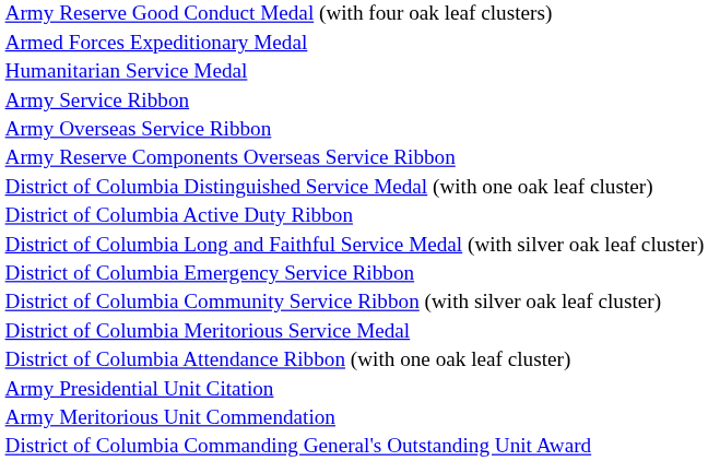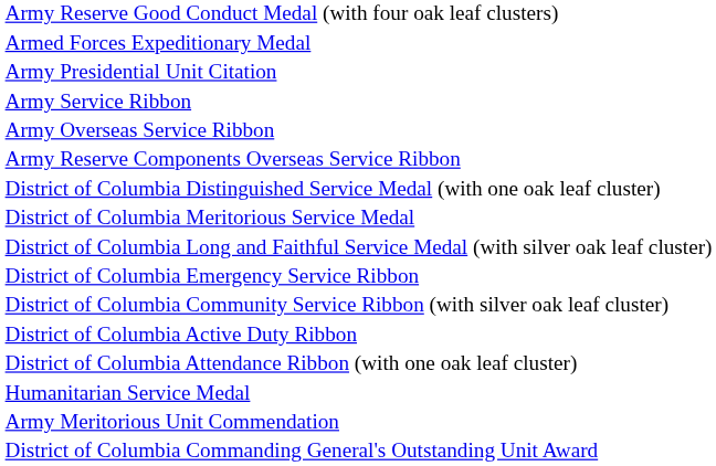 <table>
 <tr>
 <td> <a href='#'>Army Reserve Good Conduct Medal</a> (with four oak leaf clusters)</td>
 </tr>
 <tr>
 <td> <a href='#'>Armed Forces Expeditionary Medal</a></td>
 </tr>
 <tr>
-<td> <a href='#'>Humanitarian Service Medal</a></td>
+<td> <a href='#'>Army Presidential Unit Citation</a></td>
 </tr>
 <tr>
 <td> <a href='#'>Army Service Ribbon</a></td>
 </tr>
 <tr>
 <td> <a href='#'>Army Overseas Service Ribbon</a></td>
 </tr>
 <tr>
 <td> <a href='#'>Army Reserve Components Overseas Service Ribbon</a></td>
 </tr>
 <tr>
 <td> <a href='#'>District of Columbia Distinguished Service Medal</a> (with one oak leaf cluster)</td>
 </tr>
 <tr>
-<td> <a href='#'>District of Columbia Active Duty Ribbon</a></td>
+<td> <a href='#'>District of Columbia Meritorious Service Medal</a></td>
 </tr>
 <tr>
 <td> <a href='#'>District of Columbia Long and Faithful Service Medal</a> (with silver oak leaf cluster)</td>
 </tr>
 <tr>
 <td> <a href='#'>District of Columbia Emergency Service Ribbon</a></td>
 </tr>
 <tr>
 <td> <a href='#'>District of Columbia Community Service Ribbon</a> (with silver oak leaf cluster)</td>
 </tr>
 <tr>
-<td> <a href='#'>District of Columbia Meritorious Service Medal</a></td>
+<td> <a href='#'>District of Columbia Active Duty Ribbon</a></td>
 </tr>
 <tr>
 <td> <a href='#'>District of Columbia Attendance Ribbon</a> (with one oak leaf cluster)</td>
 </tr>
 <tr>
-<td> <a href='#'>Army Presidential Unit Citation</a></td>
+<td> <a href='#'>Humanitarian Service Medal</a></td>
 </tr>
 <tr>
 <td> <a href='#'>Army Meritorious Unit Commendation</a></td>
 </tr>
 <tr>
 <td> <a href='#'>District of Columbia Commanding General's Outstanding Unit Award</a></td>
 </tr>
 </table>
